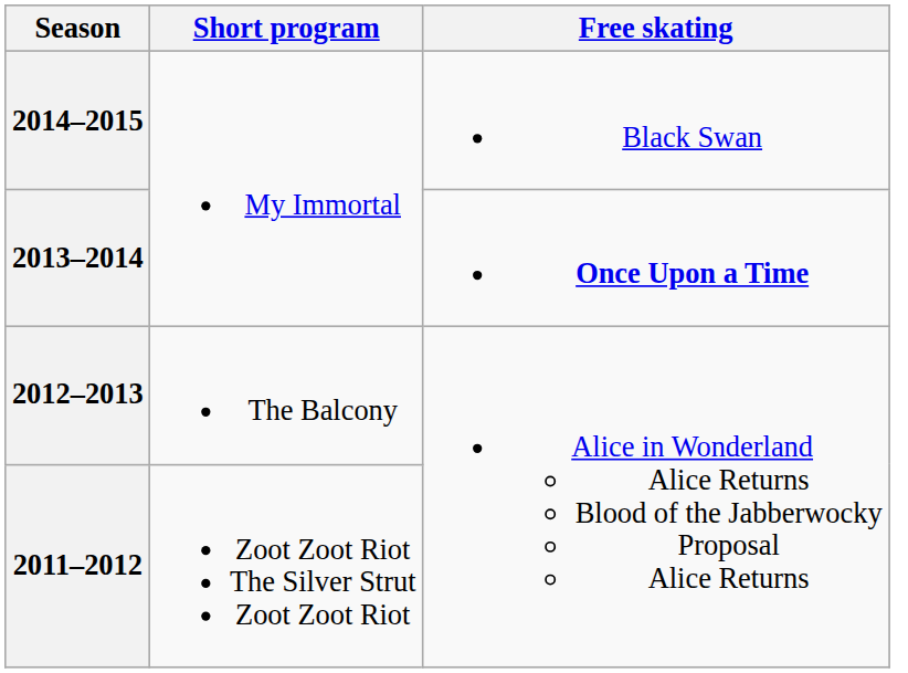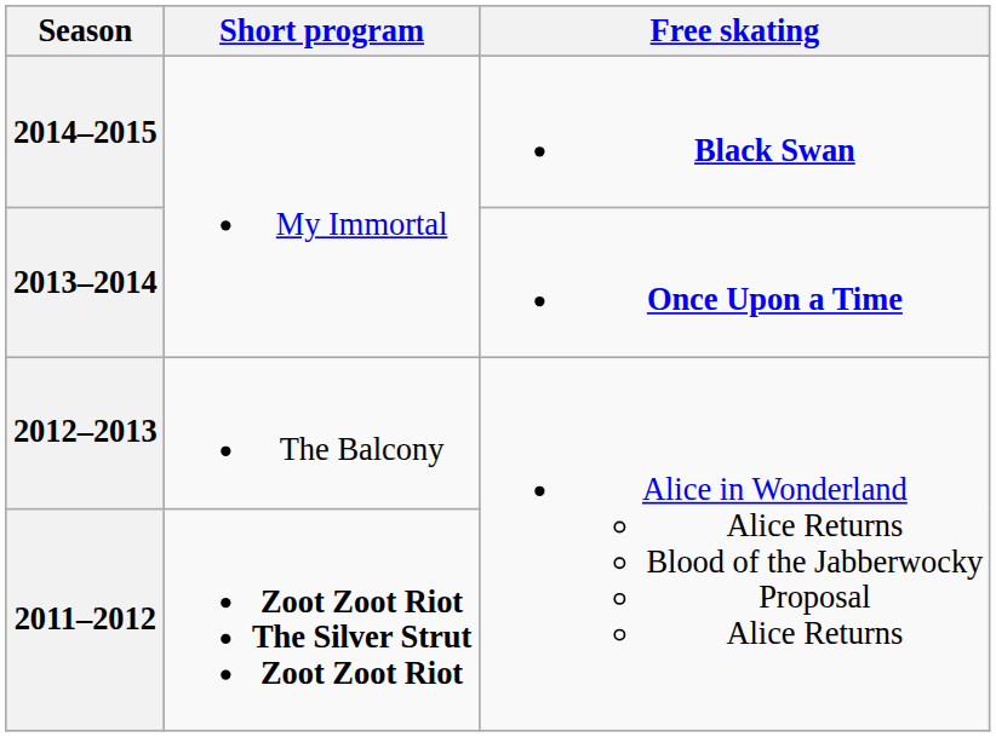 <table class="wikitable" style="text-align:center">
 <tr>
 <th>Season</th>
 <th><a href='#'>Short program</a></th>
 <th><a href='#'>Free skating</a></th>
 </tr>
 <tr>
 <th>2014–2015 <br></th>
 <td rowspan=2><br><ul><li><a href='#'>My Immortal</a> <br></li></ul></td>
-<td><br><ul><li><a href='#'>Black Swan</a> <br></li></ul></td>
+<td><strong><br><ul><li><a href='#'>Black Swan</a> <br></li></ul></strong></td>
 </tr>
 <tr>
 <th>2013–2014 <br></th>
 <td><strong><br><ul><li><a href='#'>Once Upon a Time</a> <br></li></ul></strong></td>
 </tr>
 <tr>
 <th>2012–2013 <br></th>
 <td><br><ul><li>The Balcony <br></li></ul></td>
 <td rowspan=2><br><ul><li><a href='#'>Alice in Wonderland</a> <br><ul><li>Alice Returns</li><li>Blood of the Jabberwocky</li><li>Proposal</li><li>Alice Returns</li></ul></li></ul></td>
 </tr>
 <tr>
 <th>2011–2012 <br></th>
-<td><br><ul><li>Zoot Zoot Riot <br></li><li>The Silver Strut <br></li><li>Zoot Zoot Riot <br></li></ul></td>
+<td><strong><br><ul><li>Zoot Zoot Riot <br></li><li>The Silver Strut <br></li><li>Zoot Zoot Riot <br></li></ul></strong></td>
 </tr>
 </table>
